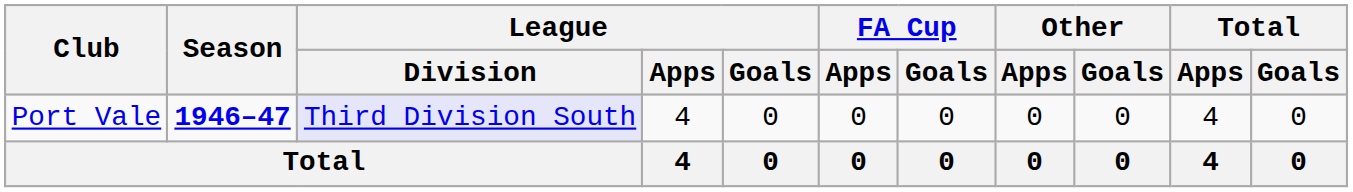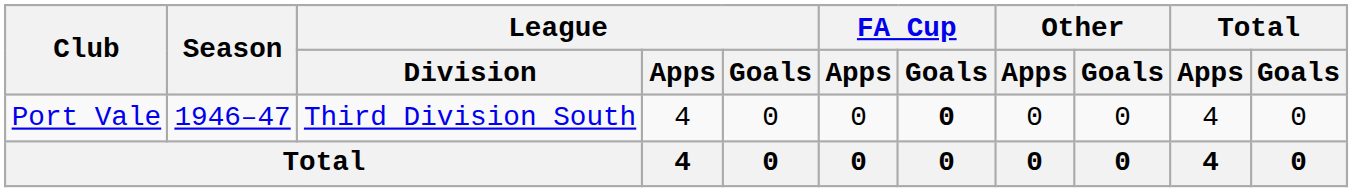 <table class="wikitable" style="text-align:center">
 <tr>
 <th rowspan="2">Club</th>
 <th rowspan="2">Season</th>
 <th colspan="3">League</th>
 <th colspan="2"><a href='#'>FA Cup</a></th>
 <th colspan="2">Other</th>
 <th colspan="2">Total</th>
 </tr>
 <tr>
 <th>Division</th>
 <th>Apps</th>
 <th>Goals</th>
 <th>Apps</th>
 <th>Goals</th>
 <th>Apps</th>
 <th>Goals</th>
 <th>Apps</th>
 <th>Goals</th>
 </tr>
 <tr>
 <td><a href='#'>Port Vale</a></td>
-<td><strong><a href='#'>1946–47</a></strong></td>
-<td style="background: lavender;"><a href='#'>Third Division South</a></td>
+<td><a href='#'>1946–47</a></td>
+<td><a href='#'>Third Division South</a></td>
 <td>4</td>
 <td>0</td>
 <td>0</td>
-<td>0</td>
+<td><strong>0</strong></td>
 <td>0</td>
 <td>0</td>
 <td>4</td>
 <td>0</td>
 </tr>
 <tr>
 <th colspan="3">Total</th>
 <th>4</th>
 <th>0</th>
 <th>0</th>
 <th>0</th>
 <th>0</th>
 <th>0</th>
 <th>4</th>
 <th>0</th>
 </tr>
 </table>
